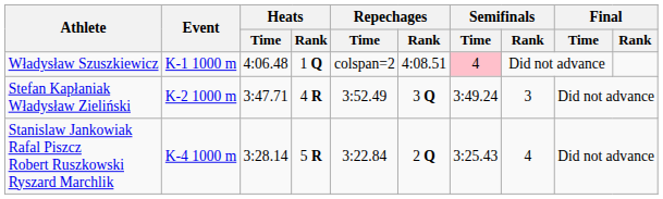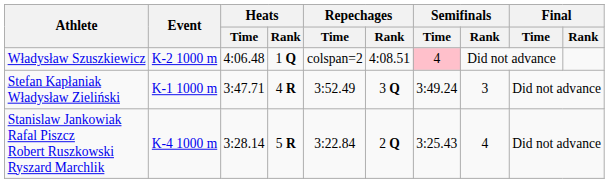 <table class="wikitable" style="font-size:90%">
 <tr>
 <th rowspan=2>Athlete</th>
 <th rowspan=2>Event</th>
 <th colspan=2>Heats</th>
 <th colspan=2>Repechages</th>
 <th colspan=2>Semifinals</th>
 <th colspan=2>Final</th>
 </tr>
 <tr style="font-size:95%">
 <th>Time</th>
 <th>Rank</th>
 <th>Time</th>
 <th>Rank</th>
 <th>Time</th>
 <th>Rank</th>
 <th>Time</th>
 <th>Rank</th>
 </tr>
 <tr align=center>
 <td align=left><a href='#'>Władysław Szuszkiewicz</a></td>
-<td align=left><a href='#'>K-1 1000 m</a></td>
+<td align=left><a href='#'>K-2 1000 m</a></td>
 <td>4:06.48</td>
 <td>1 <strong>Q</strong></td>
 <td>colspan=2 </td>
 <td>4:08.51</td>
 <td style="background: pink;">4</td>
 <td colspan=2>Did not advance</td>
 </tr>
 <tr align=center>
 <td align=left><a href='#'>Stefan Kapłaniak</a><br><a href='#'>Władysław Zieliński</a></td>
-<td align=left><a href='#'>K-2 1000 m</a></td>
+<td align=left><a href='#'>K-1 1000 m</a></td>
 <td>3:47.71</td>
 <td>4 <strong>R</strong></td>
 <td>3:52.49</td>
 <td>3 <strong>Q</strong></td>
 <td>3:49.24</td>
 <td>3</td>
 <td colspan=2>Did not advance</td>
 </tr>
 <tr align=center>
 <td align=left><a href='#'>Stanislaw Jankowiak</a><br><a href='#'>Rafal Piszcz</a><br><a href='#'>Robert Ruszkowski</a><br><a href='#'>Ryszard Marchlik</a></td>
 <td align=left><a href='#'>K-4 1000 m</a></td>
 <td>3:28.14</td>
 <td>5 <strong>R</strong></td>
 <td>3:22.84</td>
 <td>2 <strong>Q</strong></td>
 <td>3:25.43</td>
 <td>4</td>
 <td colspan=2>Did not advance</td>
 </tr>
 </table>
